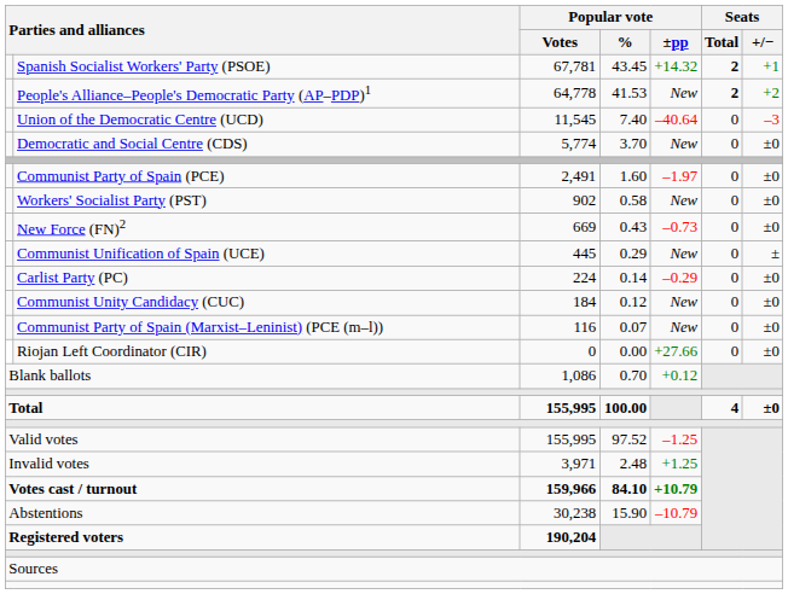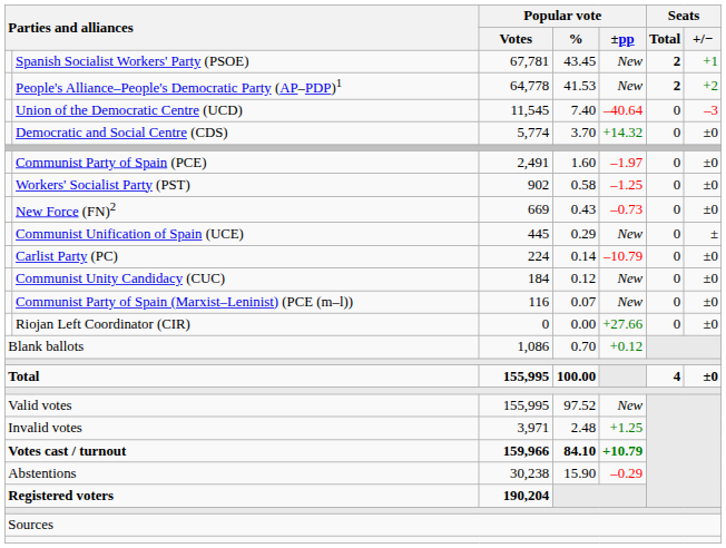 <table class="wikitable" style="text-align:right;">
 <tr>
 <th style="text-align:left;" rowspan="2" colspan="2" width="525">Parties and alliances</th>
 <th colspan="3">Popular vote</th>
 <th colspan="2">Seats</th>
 </tr>
 <tr>
 <th width="75">Votes</th>
 <th width="45">%</th>
 <th width="45">±<a href='#'>pp</a></th>
 <th width="35">Total</th>
 <th width="35">+/−</th>
 </tr>
 <tr>
 <td width="1" style="color:inherit;background:"></td>
 <td align="left"><a href='#'>Spanish Socialist Workers' Party</a> (PSOE)</td>
 <td>67,781</td>
 <td>43.45</td>
-<td style="color:green;">+14.32</td>
+<td><em>New</em></td>
 <td><strong>2</strong></td>
 <td style="color:green;">+1</td>
 </tr>
 <tr>
 <td style="color:inherit;background:"></td>
 <td align="left"><a href='#'>People's Alliance–People's Democratic Party</a> (<a href='#'>AP</a>–<a href='#'>PDP</a>)<sup>1</sup></td>
 <td>64,778</td>
 <td>41.53</td>
 <td><em>New</em></td>
 <td><strong>2</strong></td>
 <td style="color:green;">+2</td>
 </tr>
 <tr>
 <td style="color:inherit;background:"></td>
 <td align="left"><a href='#'>Union of the Democratic Centre</a> (UCD)</td>
 <td>11,545</td>
 <td>7.40</td>
 <td style="color:red;">–40.64</td>
 <td>0</td>
 <td style="color:red;">–3</td>
 </tr>
 <tr>
 <td style="color:inherit;background:"></td>
 <td align="left"><a href='#'>Democratic and Social Centre</a> (CDS)</td>
 <td>5,774</td>
 <td>3.70</td>
-<td><em>New</em></td>
+<td style="color:green;">+14.32</td>
 <td>0</td>
 <td>±0</td>
 </tr>
 <tr>
 <td colspan="7" bgcolor="#C0C0C0"></td>
 </tr>
 <tr>
 <td style="color:inherit;background:"></td>
 <td align="left"><a href='#'>Communist Party of Spain</a> (PCE)</td>
 <td>2,491</td>
 <td>1.60</td>
 <td style="color:red;">–1.97</td>
 <td>0</td>
 <td>±0</td>
 </tr>
 <tr>
 <td style="color:inherit;background:"></td>
 <td align="left"><a href='#'>Workers' Socialist Party</a> (PST)</td>
 <td>902</td>
 <td>0.58</td>
-<td><em>New</em></td>
+<td style="color:red;">–1.25</td>
 <td>0</td>
 <td>±0</td>
 </tr>
 <tr>
 <td style="color:inherit;background:"></td>
 <td align="left"><a href='#'>New Force</a> (FN)<sup>2</sup></td>
 <td>669</td>
 <td>0.43</td>
 <td style="color:red;">–0.73</td>
 <td>0</td>
 <td>±0</td>
 </tr>
 <tr>
 <td style="color:inherit;background:"></td>
 <td align="left"><a href='#'>Communist Unification of Spain</a> (UCE)</td>
 <td>445</td>
 <td>0.29</td>
 <td><em>New</em></td>
 <td>0</td>
 <td>±</td>
 </tr>
 <tr>
 <td style="color:inherit;background:"></td>
 <td align="left"><a href='#'>Carlist Party</a> (PC)</td>
 <td>224</td>
 <td>0.14</td>
-<td style="color:red;">–0.29</td>
+<td style="color:red;">–10.79</td>
 <td>0</td>
 <td>±0</td>
 </tr>
 <tr>
 <td style="color:inherit;background:"></td>
 <td align="left"><a href='#'>Communist Unity Candidacy</a> (CUC)</td>
 <td>184</td>
 <td>0.12</td>
 <td><em>New</em></td>
 <td>0</td>
 <td>±0</td>
 </tr>
 <tr>
 <td style="color:inherit;background:"></td>
 <td align="left"><a href='#'>Communist Party of Spain (Marxist–Leninist)</a> (PCE (m–l))</td>
 <td>116</td>
 <td>0.07</td>
 <td><em>New</em></td>
 <td>0</td>
 <td>±0</td>
 </tr>
 <tr>
 <td bgcolor="white"></td>
 <td align="left">Riojan Left Coordinator (CIR)</td>
 <td>0</td>
 <td>0.00</td>
 <td style="color:green;">+27.66</td>
 <td>0</td>
 <td>±0</td>
 </tr>
 <tr>
 <td align="left" colspan="2">Blank ballots</td>
 <td>1,086</td>
 <td>0.70</td>
 <td style="color:green;">+0.12</td>
 <td bgcolor="#E9E9E9" colspan="2"></td>
 </tr>
 <tr>
 <td colspan="7" bgcolor="#E9E9E9"></td>
 </tr>
 <tr style="font-weight:bold;">
 <td align="left" colspan="2">Total</td>
 <td>155,995</td>
 <td>100.00</td>
 <td bgcolor="#E9E9E9"></td>
 <td>4</td>
 <td>±0</td>
 </tr>
 <tr>
 <td colspan="7" bgcolor="#E9E9E9"></td>
 </tr>
 <tr>
 <td align="left" colspan="2">Valid votes</td>
 <td>155,995</td>
 <td>97.52</td>
-<td style="color:red;">–1.25</td>
+<td><em>New</em></td>
 <td bgcolor="#E9E9E9" colspan="2" rowspan="5"></td>
 </tr>
 <tr>
 <td align="left" colspan="2">Invalid votes</td>
 <td>3,971</td>
 <td>2.48</td>
 <td style="color:green;">+1.25</td>
 </tr>
 <tr style="font-weight:bold;">
 <td align="left" colspan="2">Votes cast / turnout</td>
 <td>159,966</td>
 <td>84.10</td>
 <td style="color:green;">+10.79</td>
 </tr>
 <tr>
 <td align="left" colspan="2">Abstentions</td>
 <td>30,238</td>
 <td>15.90</td>
-<td style="color:red;">–10.79</td>
+<td style="color:red;">–0.29</td>
 </tr>
 <tr style="font-weight:bold;">
 <td align="left" colspan="2">Registered voters</td>
 <td>190,204</td>
 <td bgcolor="#E9E9E9" colspan="2"></td>
 </tr>
 <tr>
 <td colspan="7" bgcolor="#E9E9E9"></td>
 </tr>
 <tr>
 <td align="left" colspan="7">Sources</td>
 </tr>
 <tr>
 <td colspan="7" style="text-align:left; max-width:790px;"></td>
 </tr>
 </table>
